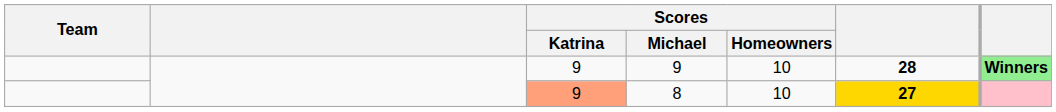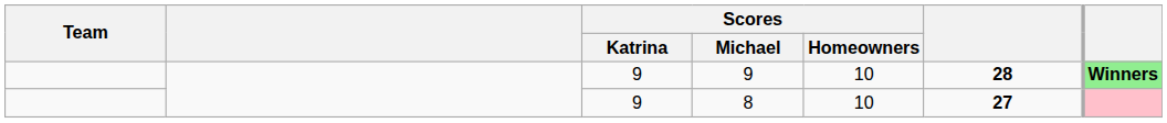 <table class="wikitable plainrowheaders" style="text-align:center; font-size:90%; width:65em;">
 <tr>
 <th rowspan="2">Team</th>
 <th rowspan="2" style="width:40%;"></th>
 <th colspan="3" style="width:30%;">Scores</th>
 <th rowspan="2" style="width:15%;"></th>
 <th rowspan="2" style="width:15%; border-left:3px solid #aaa;"></th>
 </tr>
 <tr>
 <th style="width:10%;">Katrina</th>
 <th style="width:10%;">Michael</th>
 <th style="width:10%;">Homeowners</th>
 </tr>
 <tr>
 <td style="width:15%;"></td>
 <td rowspan="2"></td>
 <td>9</td>
 <td>9</td>
 <td>10</td>
 <td><strong>28</strong></td>
 <td style="border-left:3px solid #aaa;" bgcolor="lightgreen"><strong>Winners</strong></td>
 </tr>
 <tr>
 <td style="width:15%;"></td>
-<td style="background: lightsalmon;">9</td>
+<td>9</td>
 <td>8</td>
 <td>10</td>
-<td style="background: gold;"><strong>27</strong></td>
+<td><strong>27</strong></td>
 <td style="border-left:3px solid #aaa;" bgcolor="pink"></td>
 </tr>
 </table>
